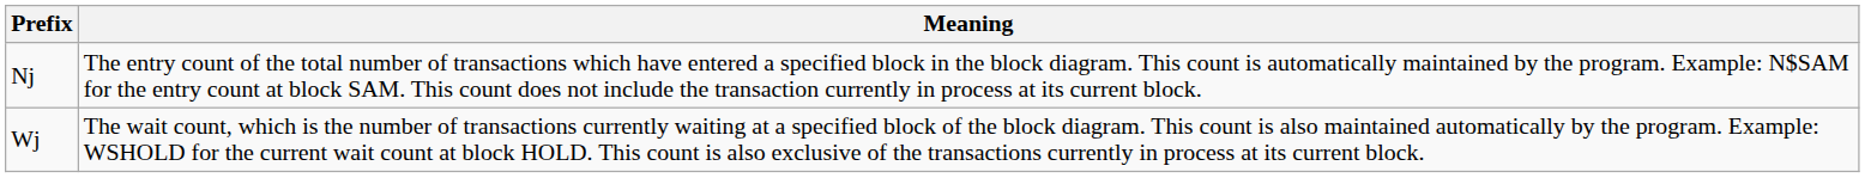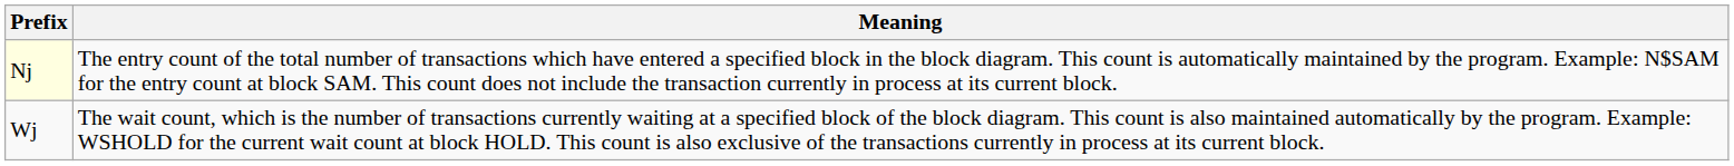 <table class="wikitable">
 <tr>
 <th>Prefix</th>
 <th>Meaning</th>
 </tr>
 <tr>
-<td>Nj</td>
+<td style="background: lightyellow;">Nj</td>
 <td>The entry count of the total number of transactions which have entered a specified block in the block diagram. This count is automatically maintained by the program. Example: N$SAM for the entry count at block SAM. This count does not include the transaction currently in process at its current block.</td>
 </tr>
 <tr>
 <td>Wj</td>
 <td>The wait count, which is the number of transactions currently waiting at a specified block of the block diagram. This count is also maintained automatically by the program. Example: WSHOLD for the current wait count at block HOLD. This count is also exclusive of the transactions currently in process at its current block.</td>
 </tr>
 </table>
